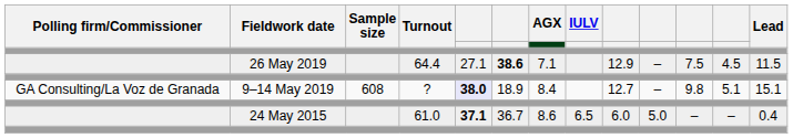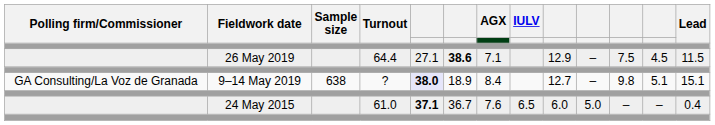 <table class="wikitable collapsible collapsed" style="text-align:center; font-size:95%; line-height:16px;">
 <tr style="height:42px;">
 <th style="width:250px;" rowspan="2">Polling firm/Commissioner</th>
 <th style="width:125px;" rowspan="2">Fieldwork date</th>
 <th style="width:50px;" rowspan="2">Sample size</th>
 <th style="width:45px;" rowspan="2">Turnout</th>
 <th style="width:35px;"></th>
 <th style="width:35px;"></th>
 <th style="width:35px;">AGX</th>
 <th style="width:35px;"><a href='#'>IULV</a></th>
 <th style="width:35px;"></th>
 <th style="width:35px;"></th>
 <th style="width:35px;"></th>
 <th style="width:35px;"></th>
 <th style="width:30px;" rowspan="2">Lead</th>
 </tr>
 <tr>
 <th style="color:inherit;background:"></th>
 <th style="color:inherit;background:"></th>
 <th style="color:inherit;background:#003E13;"></th>
 <th style="color:inherit;background:"></th>
 <th style="color:inherit;background:"></th>
 <th style="color:inherit;background:"></th>
 <th style="color:inherit;background:"></th>
 <th style="color:inherit;background:"></th>
 </tr>
 <tr>
 <td colspan="13" style="background:#A0A0A0"></td>
 </tr>
 <tr style="background:#EFEFEF;">
 <td><strong></strong></td>
 <td>26 May 2019</td>
 <td></td>
 <td>64.4</td>
 <td>27.1<br></td>
 <td><strong>38.6</strong><br></td>
 <td>7.1<br></td>
 <td></td>
 <td>12.9<br></td>
 <td>–</td>
 <td>7.5<br></td>
 <td>4.5<br></td>
 <td style="background:">11.5</td>
 </tr>
 <tr>
 <td colspan="13" style="background:#A0A0A0"></td>
 </tr>
 <tr>
 <td>GA Consulting/La Voz de Granada</td>
 <td>9–14 May 2019</td>
-<td>608</td>
+<td>638</td>
 <td>?</td>
 <td style="background: lavender;"><strong>38.0</strong><br></td>
 <td>18.9<br></td>
 <td>8.4<br></td>
 <td></td>
 <td>12.7<br></td>
 <td>–</td>
 <td>9.8<br></td>
 <td>5.1<br></td>
 <td style="background:">15.1</td>
 </tr>
 <tr>
 <td colspan="13" style="background:#A0A0A0"></td>
 </tr>
 <tr style="background:#EFEFEF;">
 <td><strong></strong></td>
 <td>24 May 2015</td>
 <td></td>
 <td>61.0</td>
 <td><strong>37.1</strong><br></td>
 <td>36.7<br></td>
-<td>8.6<br></td>
+<td>7.6<br></td>
 <td>6.5<br></td>
 <td>6.0<br></td>
 <td>5.0<br></td>
 <td>–</td>
 <td>–</td>
 <td style="background:">0.4</td>
 </tr>
 <tr>
 <td colspan="13" style="background:#A0A0A0"></td>
 </tr>
 </table>
